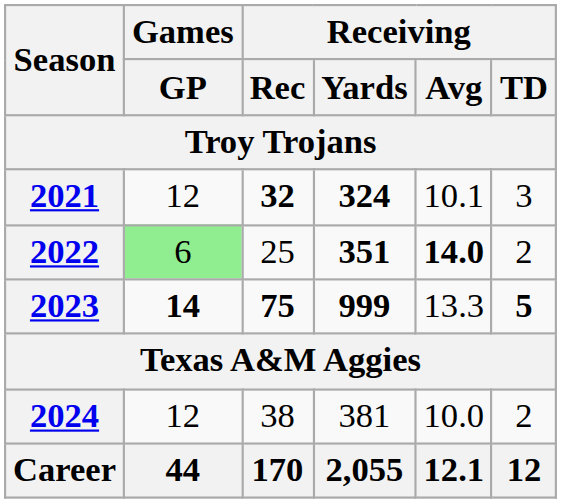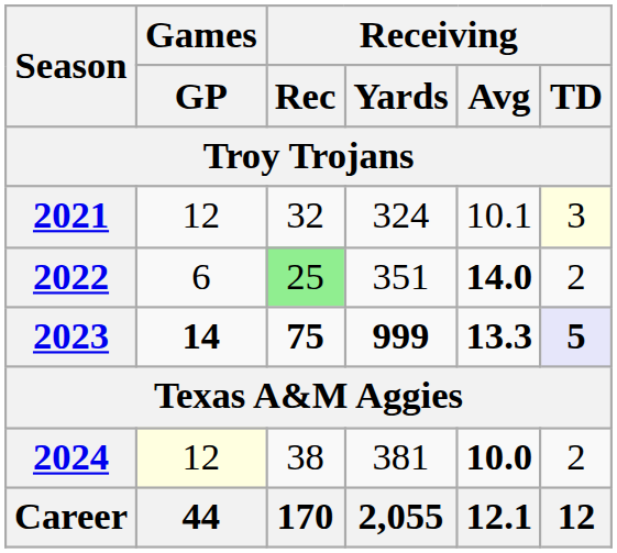 <table class="wikitable" style="text-align:center;">
 <tr>
 <th rowspan="2">Season</th>
 <th>Games</th>
 <th colspan="4">Receiving</th>
 </tr>
 <tr>
 <th>GP</th>
 <th>Rec</th>
 <th>Yards</th>
 <th>Avg</th>
 <th>TD</th>
 </tr>
 <tr>
 <th colspan="11">Troy Trojans</th>
 </tr>
 <tr>
 <th><a href='#'>2021</a></th>
 <td>12</td>
-<td><strong>32</strong></td>
-<td><strong>324</strong></td>
+<td>32</td>
+<td>324</td>
 <td>10.1</td>
-<td>3</td>
+<td style="background: lightyellow;">3</td>
 </tr>
 <tr>
 <th><a href='#'>2022</a></th>
-<td style="background: lightgreen;">6</td>
-<td>25</td>
-<td><strong>351</strong></td>
+<td>6</td>
+<td style="background: lightgreen;">25</td>
+<td>351</td>
 <td><strong>14.0</strong></td>
 <td>2</td>
 </tr>
 <tr>
 <th><a href='#'>2023</a></th>
 <td><strong>14</strong></td>
 <td><strong>75</strong></td>
 <td><strong>999</strong></td>
-<td>13.3</td>
-<td><strong>5</strong></td>
+<td><strong>13.3</strong></td>
+<td style="background: lavender;"><strong>5</strong></td>
 </tr>
 <tr>
 <th colspan="11">Texas A&M Aggies</th>
 </tr>
 <tr>
 <th><a href='#'>2024</a></th>
-<td>12</td>
+<td style="background: lightyellow;">12</td>
 <td>38</td>
 <td>381</td>
-<td>10.0</td>
+<td><strong>10.0</strong></td>
 <td>2</td>
 </tr>
 <tr>
 <th>Career</th>
 <th>44</th>
 <th>170</th>
 <th>2,055</th>
 <th>12.1</th>
 <th>12</th>
 </tr>
 </table>
